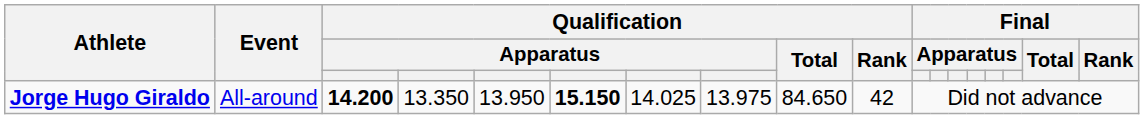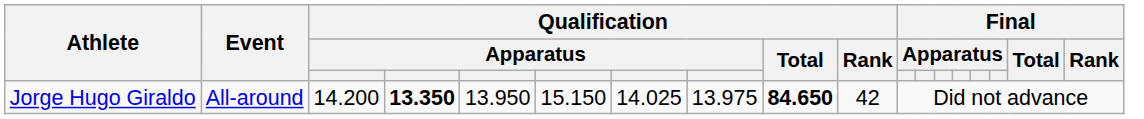 <table class="wikitable" style="font-size:90%">
 <tr>
 <th rowspan=3>Athlete</th>
 <th rowspan=3>Event</th>
 <th colspan =8>Qualification</th>
 <th colspan =8>Final</th>
 </tr>
 <tr style="font-size:95%">
 <th colspan=6>Apparatus</th>
 <th rowspan=2>Total</th>
 <th rowspan=2>Rank</th>
 <th colspan=6>Apparatus</th>
 <th rowspan=2>Total</th>
 <th rowspan=2>Rank</th>
 </tr>
 <tr style="font-size:95%">
 <th></th>
 <th></th>
 <th></th>
 <th></th>
 <th></th>
 <th></th>
 <th></th>
 <th></th>
 <th></th>
 <th></th>
 <th></th>
 <th></th>
 </tr>
 <tr align=center>
-<td align=left><strong><a href='#'>Jorge Hugo Giraldo</a></strong></td>
+<td align=left><a href='#'>Jorge Hugo Giraldo</a></td>
 <td align=left><a href='#'>All-around</a></td>
-<td><strong>14.200</strong></td>
-<td>13.350</td>
+<td>14.200</td>
+<td><strong>13.350</strong></td>
 <td>13.950</td>
-<td><strong>15.150</strong></td>
+<td>15.150</td>
 <td>14.025</td>
 <td>13.975</td>
-<td>84.650</td>
+<td><strong>84.650</strong></td>
 <td>42</td>
 <td colspan=8>Did not advance</td>
 </tr>
 </table>
